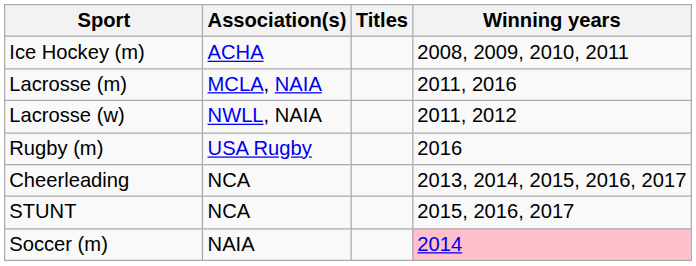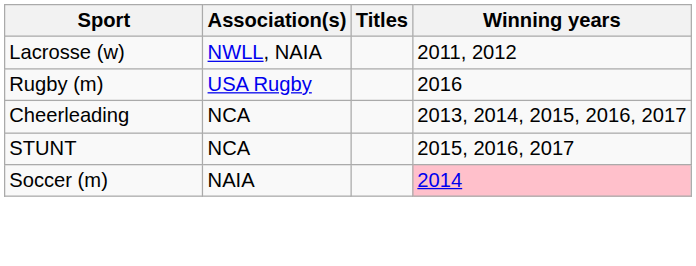 <table class="wikitable"; style= "text-align: ">
 <tr>
 <th width=150px>Sport</th>
 <th width=px>Association(s)</th>
 <th width=px>Titles</th>
 <th width=px>Winning years</th>
-</tr>
-<tr>
-<td>Ice Hockey (m)</td>
-<td><a href='#'>ACHA</a></td>
-<td></td>
-<td>2008, 2009, 2010, 2011</td>
-</tr>
-<tr>
-<td>Lacrosse (m)</td>
-<td><a href='#'>MCLA</a>, <a href='#'>NAIA</a></td>
-<td></td>
-<td>2011, 2016</td>
 </tr>
 <tr>
 <td>Lacrosse (w)</td>
 <td><a href='#'>NWLL</a>, NAIA</td>
 <td></td>
 <td>2011, 2012</td>
 </tr>
 <tr>
 <td>Rugby (m)</td>
 <td><a href='#'>USA Rugby</a></td>
 <td></td>
 <td>2016</td>
 </tr>
 <tr>
 <td>Cheerleading</td>
 <td>NCA</td>
 <td></td>
 <td>2013, 2014, 2015, 2016, 2017</td>
 </tr>
 <tr>
 <td>STUNT</td>
 <td>NCA</td>
 <td></td>
 <td>2015, 2016, 2017</td>
 </tr>
 <tr>
 <td>Soccer (m)</td>
 <td>NAIA</td>
 <td></td>
 <td style="background: pink;"><a href='#'>2014</a></td>
 </tr>
 </table>
